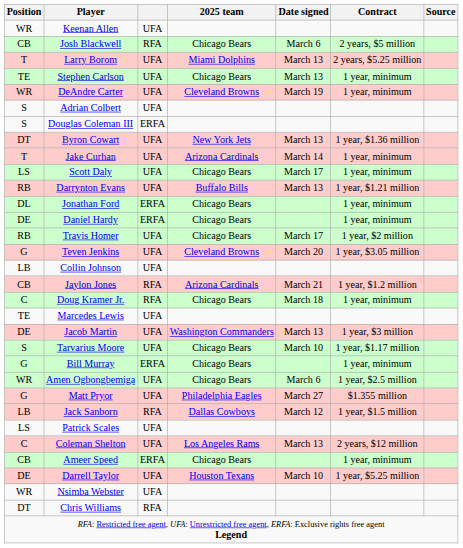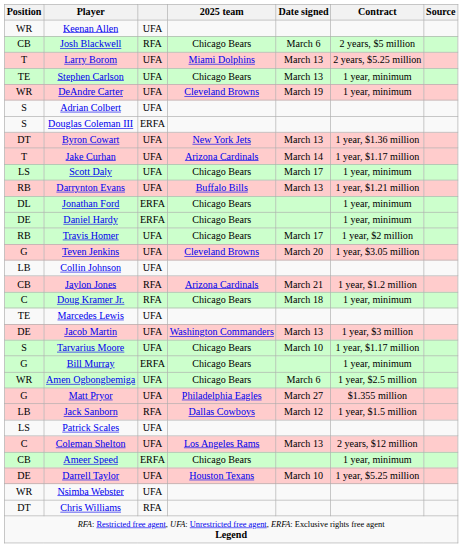 <table class="wikitable" style="text-align:center">
 <tr>
 <th>Position</th>
 <th>Player</th>
 <th></th>
 <th>2025 team</th>
 <th>Date signed</th>
 <th>Contract</th>
 <th>Source</th>
 </tr>
 <tr>
 <td>WR</td>
 <td><a href='#'>Keenan Allen</a></td>
 <td>UFA</td>
 <td></td>
 <td></td>
 <td></td>
 <td></td>
 </tr>
 <tr style="background:#cfc">
 <td>CB</td>
 <td><a href='#'>Josh Blackwell</a></td>
 <td>RFA</td>
 <td>Chicago Bears</td>
 <td>March 6</td>
 <td>2 years, $5 million</td>
 <td></td>
 </tr>
 <tr style="background:#fcc">
 <td>T</td>
 <td><a href='#'>Larry Borom</a></td>
 <td>UFA</td>
 <td><a href='#'>Miami Dolphins</a></td>
 <td>March 13</td>
 <td>2 years, $5.25 million</td>
 <td></td>
 </tr>
 <tr style="background:#cfc">
 <td>TE</td>
 <td><a href='#'>Stephen Carlson</a></td>
 <td>UFA</td>
 <td>Chicago Bears</td>
 <td>March 13</td>
 <td>1 year, minimum</td>
 <td></td>
 </tr>
 <tr style="background:#fcc">
 <td>WR</td>
 <td><a href='#'>DeAndre Carter</a></td>
 <td>UFA</td>
 <td><a href='#'>Cleveland Browns</a></td>
 <td>March 19</td>
 <td>1 year, minimum</td>
 <td></td>
 </tr>
 <tr>
 <td>S</td>
 <td><a href='#'>Adrian Colbert</a></td>
 <td>UFA</td>
 <td></td>
 <td></td>
 <td></td>
 <td></td>
 </tr>
 <tr>
 <td>S</td>
 <td><a href='#'>Douglas Coleman III</a></td>
 <td>ERFA</td>
 <td></td>
 <td></td>
 <td></td>
 <td></td>
 </tr>
 <tr style="background:#fcc">
 <td>DT</td>
 <td><a href='#'>Byron Cowart</a></td>
 <td>UFA</td>
 <td><a href='#'>New York Jets</a></td>
 <td>March 13</td>
 <td>1 year, $1.36 million</td>
 <td></td>
 </tr>
 <tr style="background:#fcc">
 <td>T</td>
 <td><a href='#'>Jake Curhan</a></td>
 <td>UFA</td>
 <td><a href='#'>Arizona Cardinals</a></td>
 <td>March 14</td>
-<td>1 year, minimum</td>
+<td>1 year, $1.17 million</td>
 <td></td>
 </tr>
 <tr style="background:#cfc">
 <td>LS</td>
 <td><a href='#'>Scott Daly</a></td>
 <td>UFA</td>
 <td>Chicago Bears</td>
 <td>March 17</td>
 <td>1 year, minimum</td>
 <td></td>
 </tr>
 <tr style="background:#fcc">
 <td>RB</td>
 <td><a href='#'>Darrynton Evans</a></td>
 <td>UFA</td>
 <td><a href='#'>Buffalo Bills</a></td>
 <td>March 13</td>
 <td>1 year, $1.21 million</td>
 <td></td>
 </tr>
 <tr style="background:#cfc">
 <td>DL</td>
 <td><a href='#'>Jonathan Ford</a></td>
 <td>ERFA</td>
 <td>Chicago Bears</td>
 <td></td>
 <td>1 year, minimum</td>
 <td></td>
 </tr>
 <tr style="background:#cfc">
 <td>DE</td>
 <td><a href='#'>Daniel Hardy</a></td>
 <td>ERFA</td>
 <td>Chicago Bears</td>
 <td></td>
 <td>1 year, minimum</td>
 <td></td>
 </tr>
 <tr style="background:#cfc">
 <td>RB</td>
 <td><a href='#'>Travis Homer</a></td>
 <td>UFA</td>
 <td>Chicago Bears</td>
 <td>March 17</td>
 <td>1 year, $2 million</td>
 <td></td>
 </tr>
 <tr style="background:#fcc">
 <td>G</td>
 <td><a href='#'>Teven Jenkins</a></td>
 <td>UFA</td>
 <td><a href='#'>Cleveland Browns</a></td>
 <td>March 20</td>
 <td>1 year, $3.05 million</td>
 <td></td>
 </tr>
 <tr>
 <td>LB</td>
 <td><a href='#'>Collin Johnson</a></td>
 <td>UFA</td>
 <td></td>
 <td></td>
 <td></td>
 <td></td>
 </tr>
 <tr style="background:#fcc">
 <td>CB</td>
 <td><a href='#'>Jaylon Jones</a></td>
 <td>RFA</td>
 <td><a href='#'>Arizona Cardinals</a></td>
 <td>March 21</td>
 <td>1 year, $1.2 million</td>
 <td></td>
 </tr>
 <tr style="background:#cfc">
 <td>C</td>
 <td><a href='#'>Doug Kramer Jr.</a></td>
 <td>RFA</td>
 <td>Chicago Bears</td>
 <td>March 18</td>
 <td>1 year, minimum</td>
 <td></td>
 </tr>
 <tr>
 <td>TE</td>
 <td><a href='#'>Marcedes Lewis</a></td>
 <td>UFA</td>
 <td></td>
 <td></td>
 <td></td>
 <td></td>
 </tr>
 <tr style="background:#fcc">
 <td>DE</td>
 <td><a href='#'>Jacob Martin</a></td>
 <td>UFA</td>
 <td><a href='#'>Washington Commanders</a></td>
 <td>March 13</td>
 <td>1 year, $3 million</td>
 <td></td>
 </tr>
 <tr style="background:#cfc">
 <td>S</td>
 <td><a href='#'>Tarvarius Moore</a></td>
 <td>UFA</td>
 <td>Chicago Bears</td>
 <td>March 10</td>
 <td>1 year, $1.17 million</td>
 <td></td>
 </tr>
 <tr style="background:#cfc">
 <td>G</td>
 <td><a href='#'>Bill Murray</a></td>
 <td>ERFA</td>
 <td>Chicago Bears</td>
 <td></td>
 <td>1 year, minimum</td>
 <td></td>
 </tr>
 <tr style="background:#cfc">
 <td>WR</td>
 <td><a href='#'>Amen Ogbongbemiga</a></td>
 <td>UFA</td>
 <td>Chicago Bears</td>
 <td>March 6</td>
 <td>1 year, $2.5 million</td>
 <td></td>
 </tr>
 <tr style="background:#fcc">
 <td>G</td>
 <td><a href='#'>Matt Pryor</a></td>
 <td>UFA</td>
 <td><a href='#'>Philadelphia Eagles</a></td>
 <td>March 27</td>
 <td>$1.355 million</td>
 <td></td>
 </tr>
 <tr style="background:#fcc">
 <td>LB</td>
 <td><a href='#'>Jack Sanborn</a></td>
 <td>RFA</td>
 <td><a href='#'>Dallas Cowboys</a></td>
 <td>March 12</td>
 <td>1 year, $1.5 million</td>
 <td></td>
 </tr>
 <tr>
 <td>LS</td>
 <td><a href='#'>Patrick Scales</a></td>
 <td>UFA</td>
 <td></td>
 <td></td>
 <td></td>
 <td></td>
 </tr>
 <tr style="background:#fcc">
 <td>C</td>
 <td><a href='#'>Coleman Shelton</a></td>
 <td>UFA</td>
 <td><a href='#'>Los Angeles Rams</a></td>
 <td>March 13</td>
 <td>2 years, $12 million</td>
 <td></td>
 </tr>
 <tr style="background:#cfc">
 <td>CB</td>
 <td><a href='#'>Ameer Speed</a></td>
 <td>ERFA</td>
 <td>Chicago Bears</td>
 <td></td>
 <td>1 year, minimum</td>
 <td></td>
 </tr>
 <tr style="background:#fcc">
 <td>DE</td>
 <td><a href='#'>Darrell Taylor</a></td>
 <td>UFA</td>
 <td><a href='#'>Houston Texans</a></td>
 <td>March 10</td>
 <td>1 year, $5.25 million</td>
 <td></td>
 </tr>
 <tr>
 <td>WR</td>
 <td><a href='#'>Nsimba Webster</a></td>
 <td>UFA</td>
 <td></td>
 <td></td>
 <td></td>
 <td></td>
 </tr>
 <tr>
 <td>DT</td>
 <td><a href='#'>Chris Williams</a></td>
 <td>RFA</td>
 <td></td>
 <td></td>
 <td></td>
 <td></td>
 </tr>
 <tr>
 <td colspan="7"><small><em>RFA</em>: <a href='#'>Restricted free agent</a>, <em>UFA</em>: <a href='#'>Unrestricted free agent</a>, <em>ERFA</em>: Exclusive rights free agent</small><br><strong>Legend</strong></td>
 </tr>
 </table>
